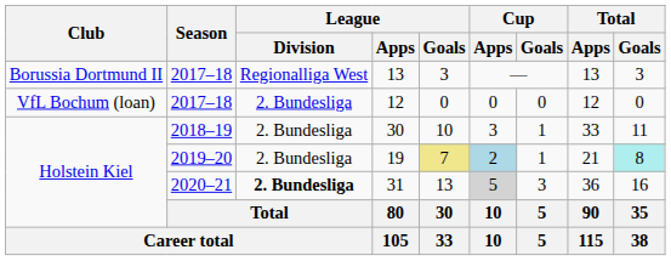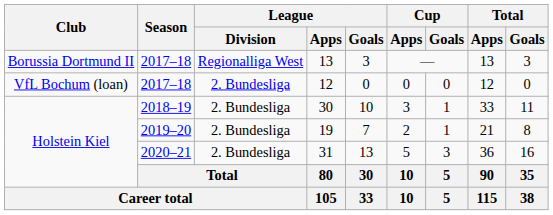 <table class="wikitable" style="text-align:center">
 <tr>
 <th rowspan="2">Club</th>
 <th rowspan="2">Season</th>
 <th colspan="3">League</th>
 <th colspan="2">Cup</th>
 <th colspan="2">Total</th>
 </tr>
 <tr>
 <th>Division</th>
 <th>Apps</th>
 <th>Goals</th>
 <th>Apps</th>
 <th>Goals</th>
 <th>Apps</th>
 <th>Goals</th>
 </tr>
 <tr>
 <td><a href='#'>Borussia Dortmund II</a></td>
 <td><a href='#'>2017–18</a></td>
 <td><a href='#'>Regionalliga West</a></td>
 <td>13</td>
 <td>3</td>
 <td colspan="2">—</td>
 <td>13</td>
 <td>3</td>
 </tr>
 <tr>
 <td><a href='#'>VfL Bochum</a> (loan)</td>
 <td><a href='#'>2017–18</a></td>
 <td><a href='#'>2. Bundesliga</a></td>
 <td>12</td>
 <td>0</td>
 <td>0</td>
 <td>0</td>
 <td>12</td>
 <td>0</td>
 </tr>
 <tr>
 <td rowspan="4"><a href='#'>Holstein Kiel</a></td>
 <td><a href='#'>2018–19</a></td>
 <td>2. Bundesliga</td>
 <td>30</td>
 <td>10</td>
 <td>3</td>
 <td>1</td>
 <td>33</td>
 <td>11</td>
 </tr>
 <tr>
 <td><a href='#'>2019–20</a></td>
 <td>2. Bundesliga</td>
 <td>19</td>
-<td style="background: khaki;">7</td>
-<td style="background: lightblue;">2</td>
+<td>7</td>
+<td>2</td>
 <td>1</td>
 <td>21</td>
-<td style="background: paleturquoise;">8</td>
+<td>8</td>
 </tr>
 <tr>
 <td><a href='#'>2020–21</a></td>
-<td><strong>2. Bundesliga</strong></td>
+<td>2. Bundesliga</td>
 <td>31</td>
 <td>13</td>
-<td style="background: lightgrey;">5</td>
+<td>5</td>
 <td>3</td>
 <td>36</td>
 <td>16</td>
 </tr>
 <tr>
 <th colspan="2">Total</th>
 <th>80</th>
 <th>30</th>
 <th>10</th>
 <th>5</th>
 <th>90</th>
 <th>35</th>
 </tr>
 <tr>
 <th colspan="3">Career total</th>
 <th>105</th>
 <th>33</th>
 <th>10</th>
 <th>5</th>
 <th>115</th>
 <th>38</th>
 </tr>
 </table>
